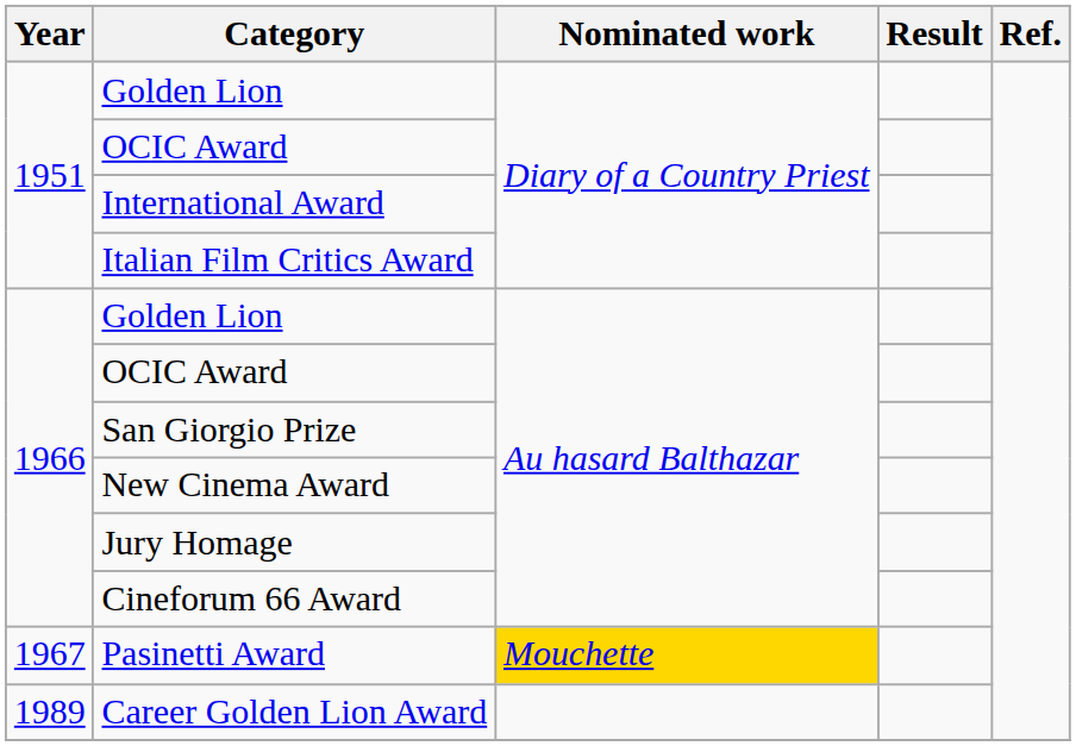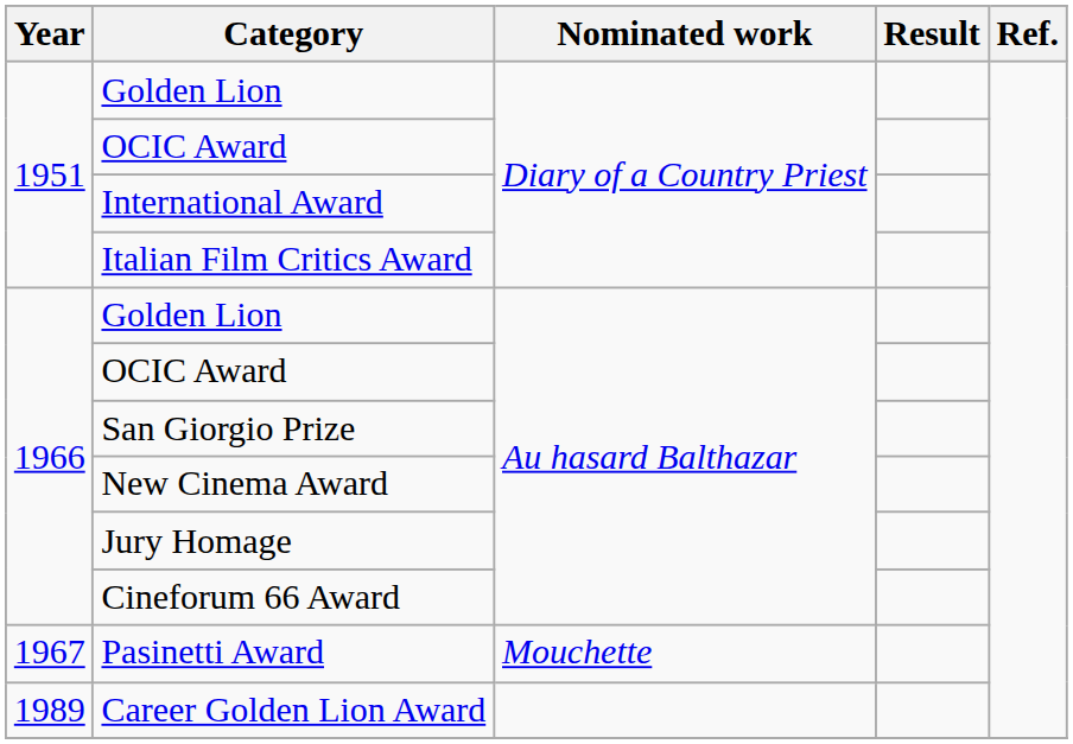 <table class="wikitable">
 <tr>
 <th>Year</th>
 <th>Category</th>
 <th>Nominated work</th>
 <th>Result</th>
 <th>Ref.</th>
 </tr>
 <tr>
 <td rowspan=4><a href='#'>1951</a></td>
 <td><a href='#'>Golden Lion</a></td>
 <td rowspan=4><em><a href='#'>Diary of a Country Priest</a></em></td>
 <td></td>
 <td rowspan=12></td>
 </tr>
 <tr>
 <td><a href='#'>OCIC Award</a></td>
 <td></td>
 </tr>
 <tr>
 <td><a href='#'>International Award</a></td>
 <td></td>
 </tr>
 <tr>
 <td><a href='#'>Italian Film Critics Award</a></td>
 <td></td>
 </tr>
 <tr>
 <td rowspan=6><a href='#'>1966</a></td>
 <td><a href='#'>Golden Lion</a></td>
 <td rowspan=6><em><a href='#'>Au hasard Balthazar</a></em></td>
 <td></td>
 </tr>
 <tr>
 <td>OCIC Award</td>
 <td></td>
 </tr>
 <tr>
 <td>San Giorgio Prize</td>
 <td></td>
 </tr>
 <tr>
 <td>New Cinema Award</td>
 <td></td>
 </tr>
 <tr>
 <td>Jury Homage</td>
 <td></td>
 </tr>
 <tr>
 <td>Cineforum 66 Award</td>
 <td></td>
 </tr>
 <tr>
 <td><a href='#'>1967</a></td>
 <td><a href='#'>Pasinetti Award</a></td>
-<td style="background: gold;"><em><a href='#'>Mouchette</a></em></td>
+<td><em><a href='#'>Mouchette</a></em></td>
 <td></td>
 </tr>
 <tr>
 <td><a href='#'>1989</a></td>
 <td><a href='#'>Career Golden Lion Award</a></td>
 <td></td>
 <td></td>
 </tr>
 <tr>
 </tr>
 </table>
